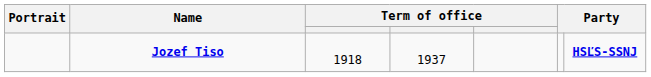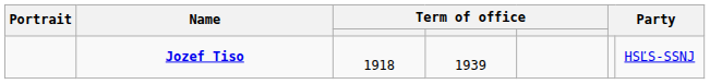 <table class="wikitable" style="line-height:1.4em; text-align:center; border:1px #aaf solid">
 <tr>
 <th rowspan="2" width="65">Portrait</th>
 <th rowspan="2" width="250">Name<br></th>
 <th colspan="3">Term of office</th>
 <th colspan="2" rowspan="2" width="90">Party</th>
 </tr>
 <tr>
 <th width="85"></th>
 <th width="85"></th>
 <th width="85"></th>
 </tr>
 <tr>
 <td></td>
 <td><strong><a href='#'>Jozef Tiso</a></strong><br></td>
 <td><br>1918</td>
-<td><br>1937</td>
+<td><br>1939</td>
 <td></td>
 <td style="background-color: "></td>
-<td><strong><a href='#'>HSĽS-SSNJ</a></strong></td>
+<td><a href='#'>HSĽS-SSNJ</a></td>
 </tr>
 </table>
